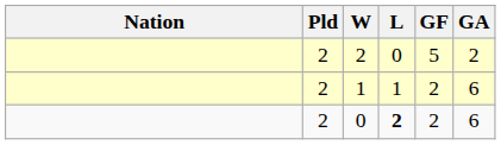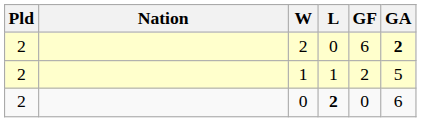 <table class=wikitable style="text-align:center">
 <tr>
+<th width=20]]>Pld</th>
 <th width=220]]>Nation</th>
-<th width=20]]>Pld</th>
 <th width=20>W</th>
 <th width=20]]>L</th>
 <th width=20]]>GF</th>
 <th width=20]]>GA</th>
 </tr>
 <tr bgcolor=#ffffcc>
+<td>2</td>
 <td align=left></td>
 <td>2</td>
-<td>2</td>
 <td>0</td>
-<td>5</td>
-<td>2</td>
+<td>6</td>
+<td><strong>2</strong></td>
 </tr>
 <tr bgcolor=#ffffcc>
+<td>2</td>
 <td align=left></td>
-<td>2</td>
 <td>1</td>
 <td>1</td>
 <td>2</td>
-<td>6</td>
+<td>5</td>
 </tr>
 <tr>
+<td>2</td>
 <td align=left></td>
-<td>2</td>
 <td>0</td>
 <td><strong>2</strong></td>
-<td>2</td>
+<td>0</td>
 <td>6</td>
 </tr>
 </table>
